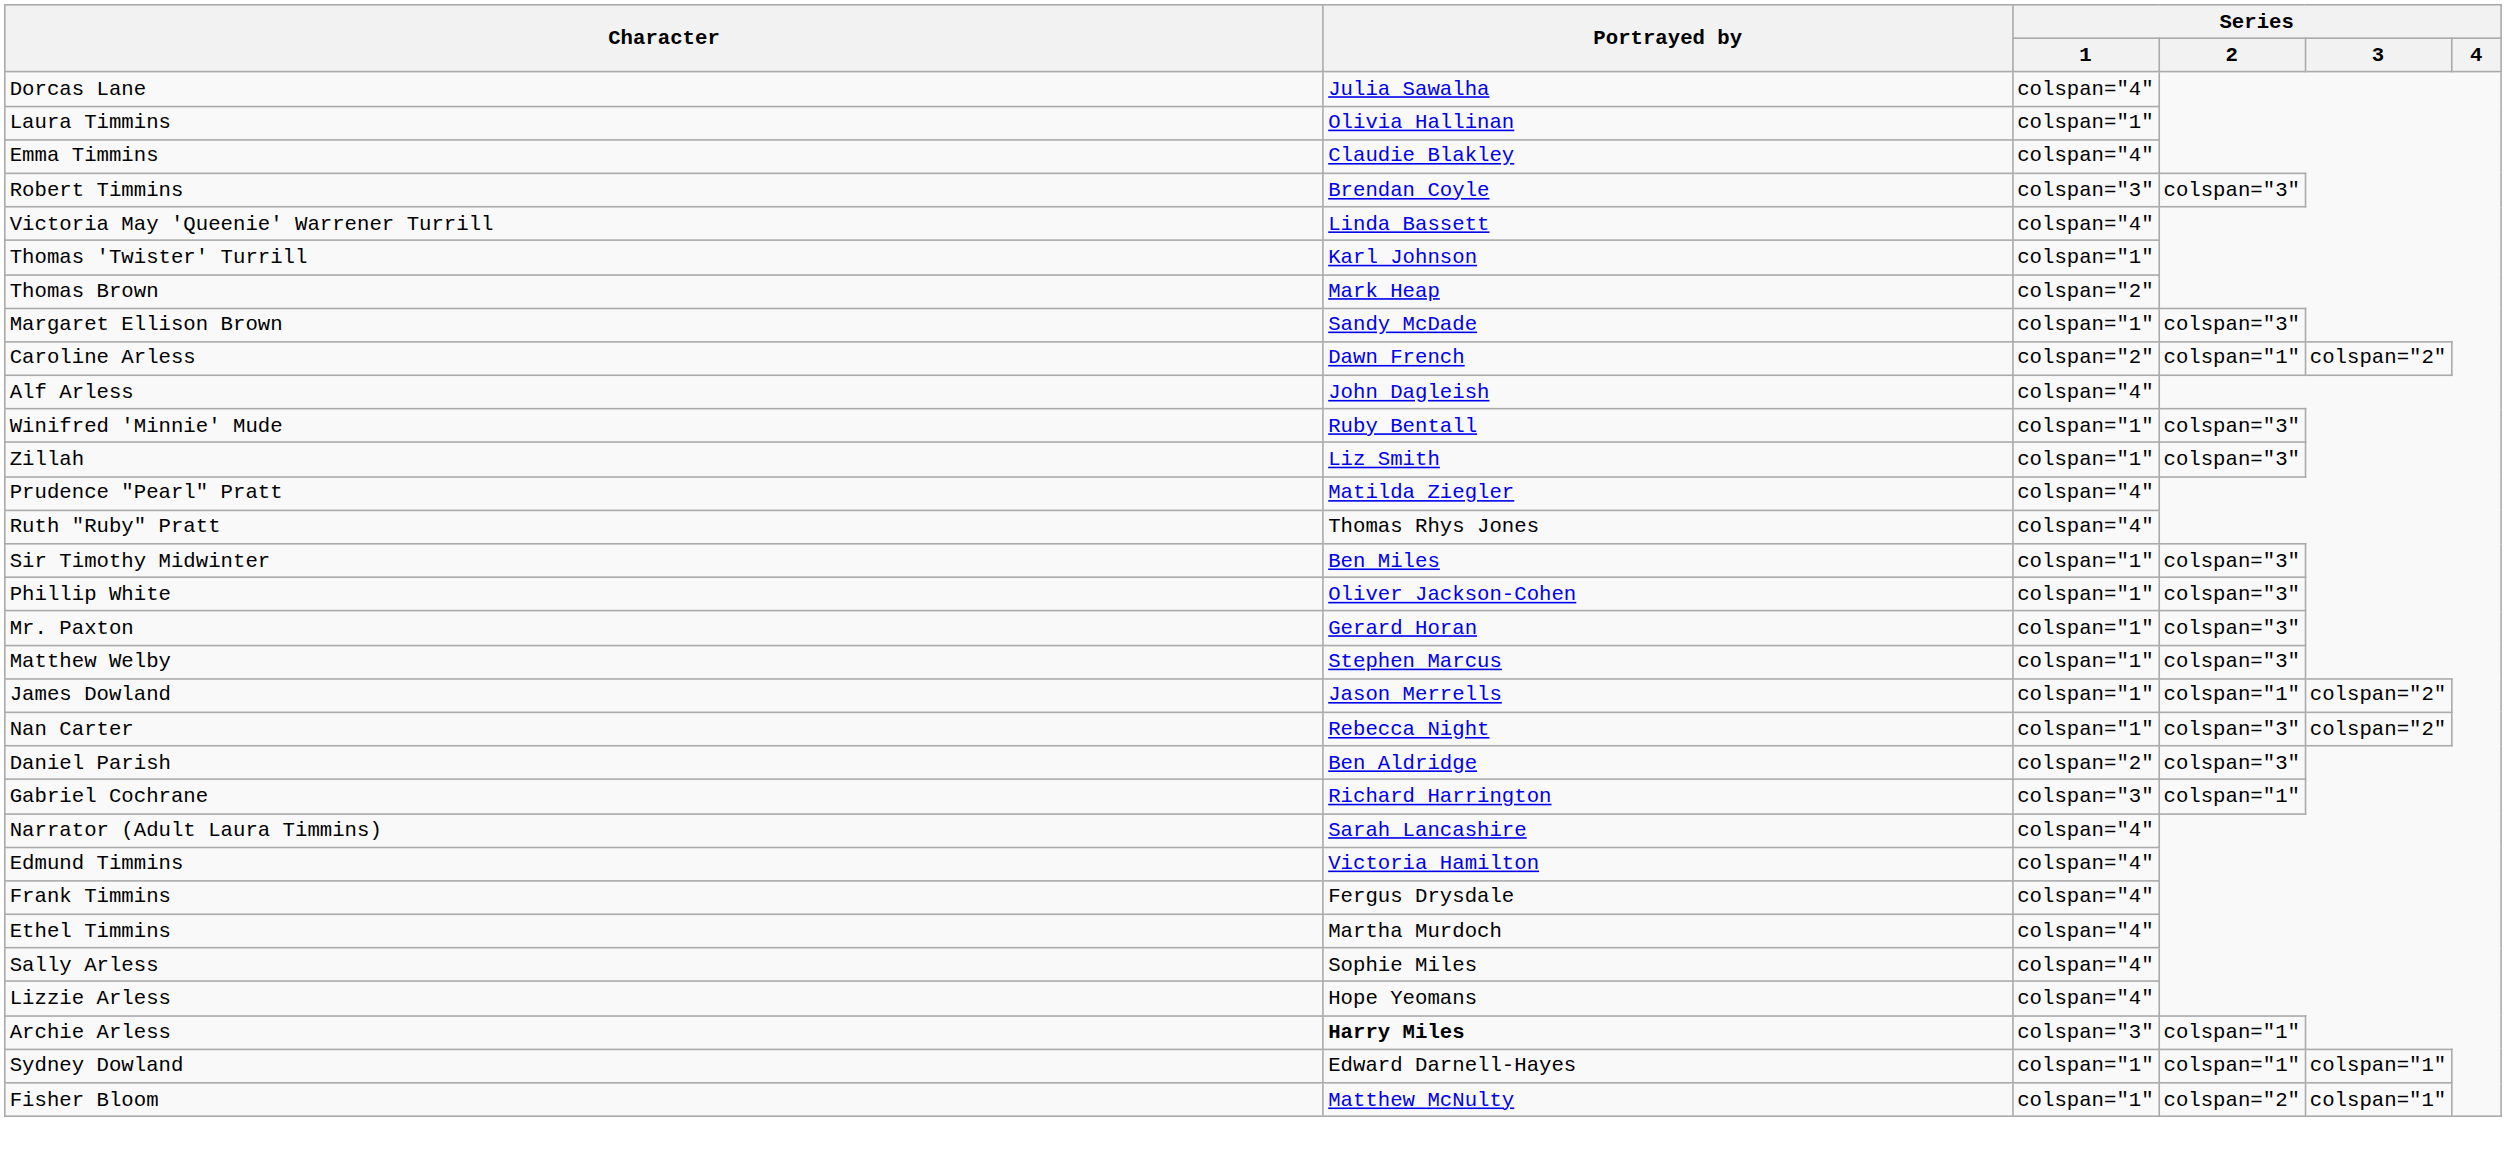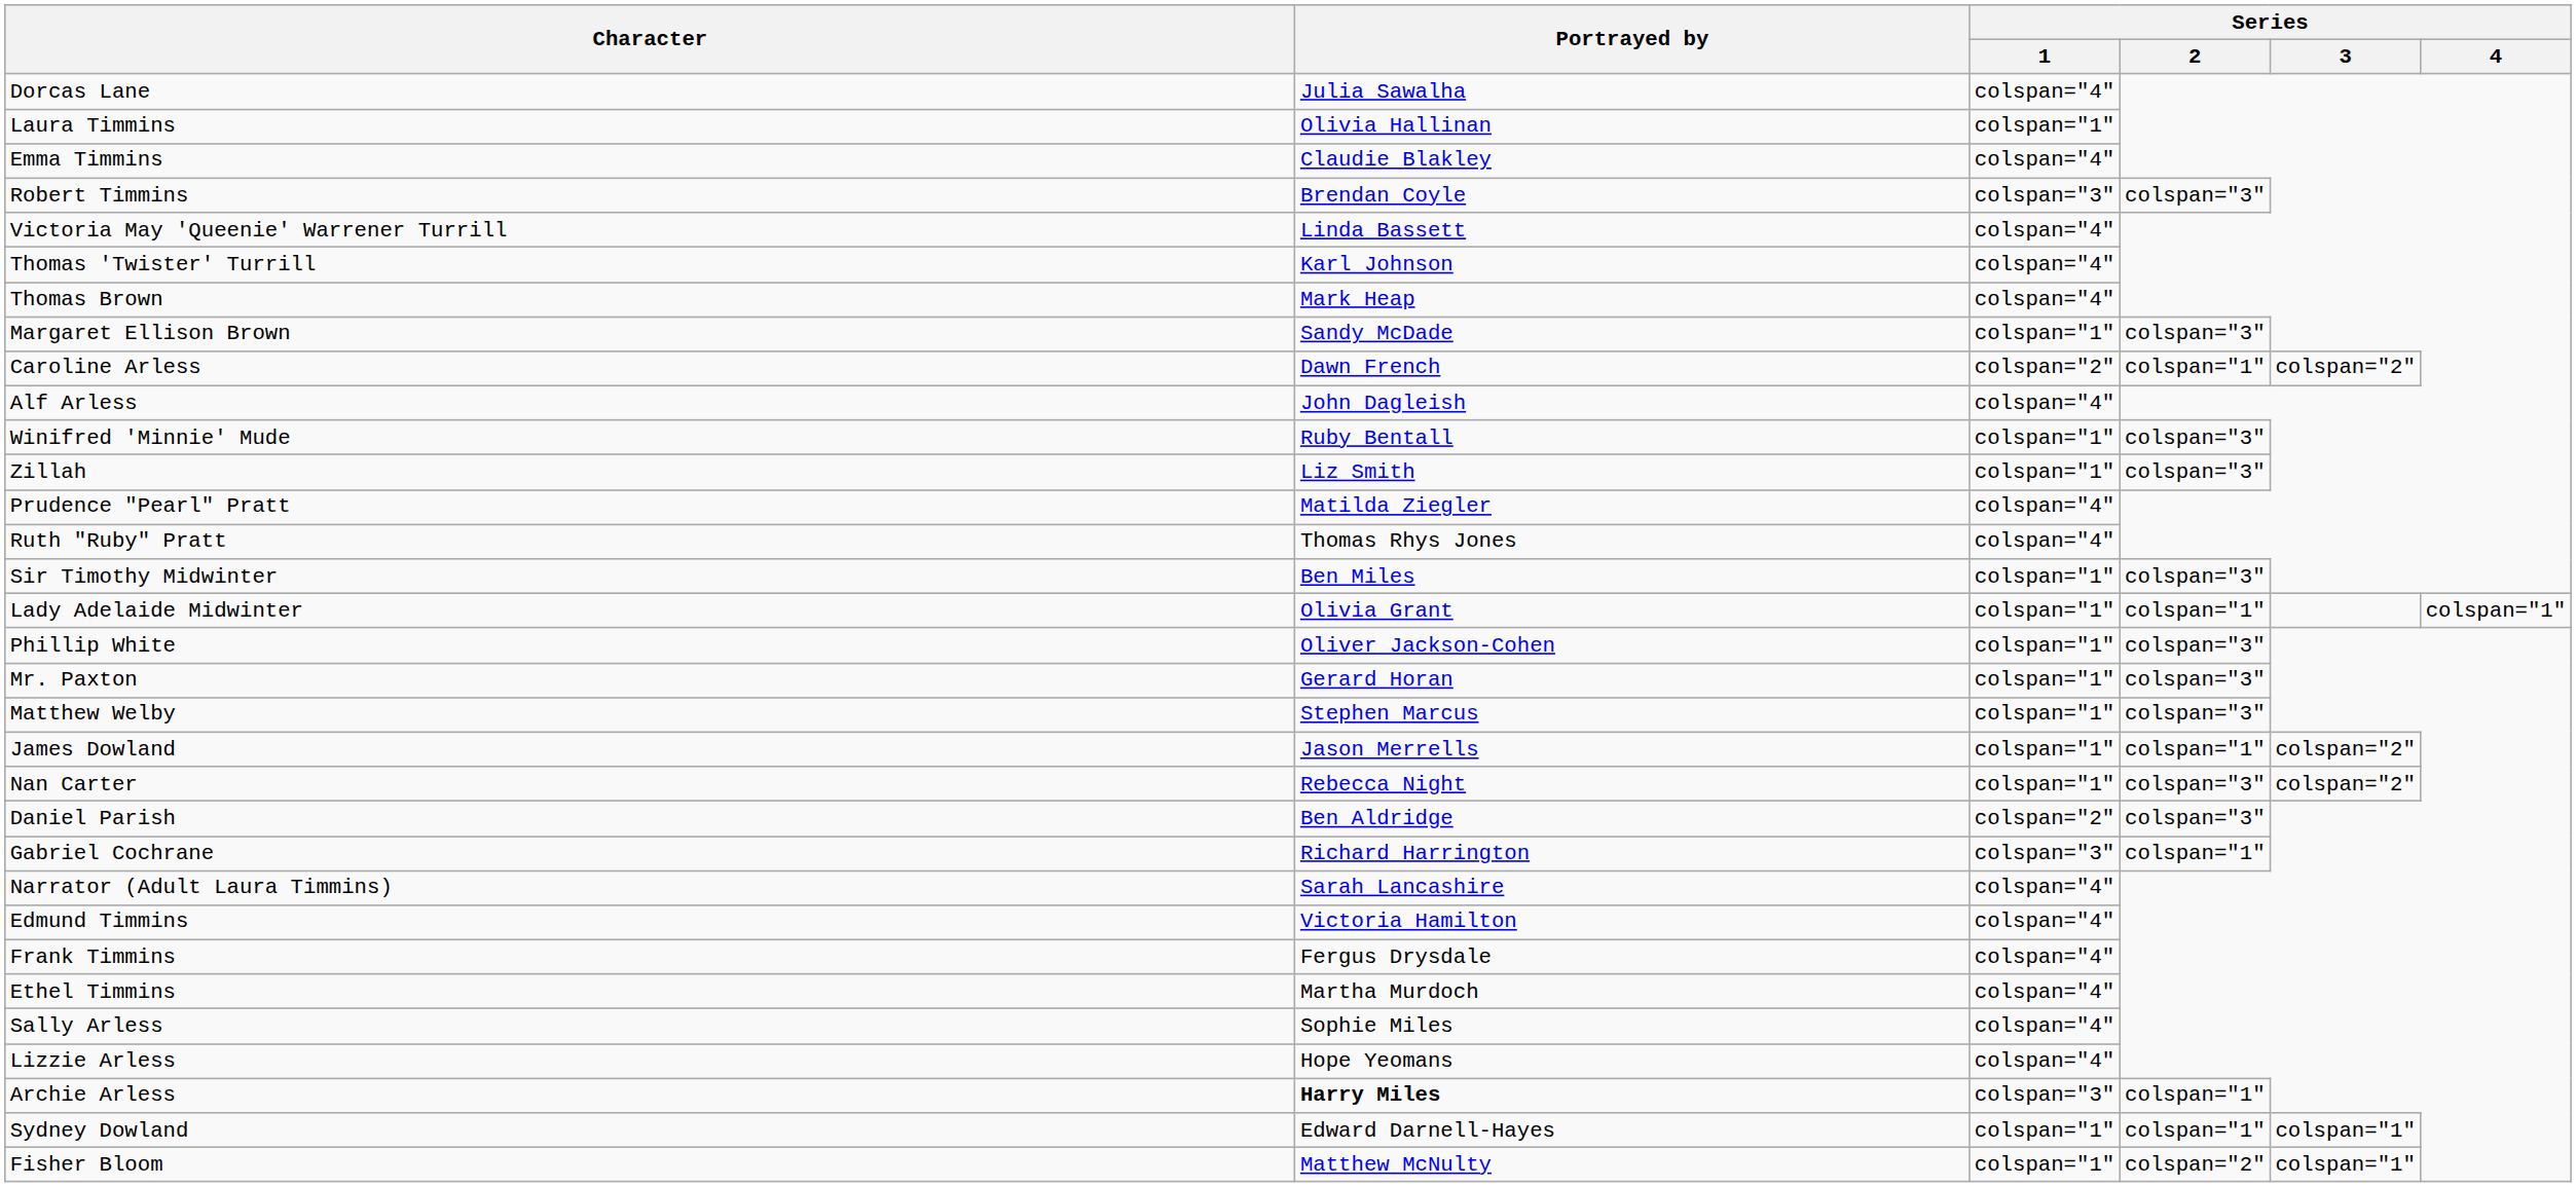 <table class="wikitable">
 <tr>
 <th rowspan="2">Character</th>
 <th rowspan="2">Portrayed by</th>
 <th colspan="4">Series</th>
 </tr>
 <tr>
 <th width="2%">1</th>
 <th width="2%">2</th>
 <th width="2%">3</th>
 <th width="2%">4</th>
 </tr>
 <tr>
 <td>Dorcas Lane</td>
 <td><a href='#'>Julia Sawalha</a></td>
 <td>colspan="4" </td>
 </tr>
 <tr>
 <td>Laura Timmins</td>
 <td><a href='#'>Olivia Hallinan</a></td>
 <td>colspan="1" </td>
 </tr>
 <tr>
 <td>Emma Timmins</td>
 <td><a href='#'>Claudie Blakley</a></td>
 <td>colspan="4" </td>
 </tr>
 <tr>
 <td>Robert Timmins</td>
 <td><a href='#'>Brendan Coyle</a></td>
 <td>colspan="3" </td>
 <td>colspan="3" </td>
 </tr>
 <tr>
 <td>Victoria May 'Queenie' Warrener Turrill</td>
 <td><a href='#'>Linda Bassett</a></td>
 <td>colspan="4" </td>
 </tr>
 <tr>
 <td>Thomas 'Twister' Turrill</td>
 <td><a href='#'>Karl Johnson</a></td>
-<td>colspan="1" </td>
+<td>colspan="4" </td>
 </tr>
 <tr>
 <td>Thomas Brown</td>
 <td><a href='#'>Mark Heap</a></td>
-<td>colspan="2" </td>
+<td>colspan="4" </td>
 </tr>
 <tr>
 <td>Margaret Ellison Brown</td>
 <td><a href='#'>Sandy McDade</a></td>
 <td>colspan="1" </td>
 <td>colspan="3" </td>
 </tr>
 <tr>
 <td>Caroline Arless</td>
 <td><a href='#'>Dawn French</a></td>
 <td>colspan="2" </td>
 <td>colspan="1" </td>
 <td>colspan="2" </td>
 </tr>
 <tr>
 <td>Alf Arless</td>
 <td><a href='#'>John Dagleish</a></td>
 <td>colspan="4" </td>
 </tr>
 <tr>
 <td>Winifred 'Minnie' Mude</td>
 <td><a href='#'>Ruby Bentall</a></td>
 <td>colspan="1" </td>
 <td>colspan="3" </td>
 </tr>
 <tr>
 <td>Zillah</td>
 <td><a href='#'>Liz Smith</a></td>
 <td>colspan="1" </td>
 <td>colspan="3" </td>
 </tr>
 <tr>
 <td>Prudence "Pearl" Pratt</td>
 <td><a href='#'>Matilda Ziegler</a></td>
 <td>colspan="4" </td>
 </tr>
 <tr>
 <td>Ruth "Ruby" Pratt</td>
 <td>Thomas Rhys Jones</td>
 <td>colspan="4" </td>
 </tr>
 <tr>
 <td>Sir Timothy Midwinter</td>
 <td><a href='#'>Ben Miles</a></td>
 <td>colspan="1" </td>
 <td>colspan="3" </td>
+</tr>
+<tr>
+<td>Lady Adelaide Midwinter</td>
+<td><a href='#'>Olivia Grant</a></td>
+<td>colspan="1" </td>
+<td>colspan="1" </td>
+<td></td>
+<td>colspan="1" </td>
 </tr>
 <tr>
 <td>Phillip White</td>
 <td><a href='#'>Oliver Jackson-Cohen</a></td>
 <td>colspan="1" </td>
 <td>colspan="3" </td>
 </tr>
 <tr>
 <td>Mr. Paxton</td>
 <td><a href='#'>Gerard Horan</a></td>
 <td>colspan="1" </td>
 <td>colspan="3" </td>
 </tr>
 <tr>
 <td>Matthew Welby</td>
 <td><a href='#'>Stephen Marcus</a></td>
 <td>colspan="1" </td>
 <td>colspan="3" </td>
 </tr>
 <tr>
 <td>James Dowland</td>
 <td><a href='#'>Jason Merrells</a></td>
 <td>colspan="1" </td>
 <td>colspan="1" </td>
 <td>colspan="2" </td>
 </tr>
 <tr>
 <td>Nan Carter</td>
 <td><a href='#'>Rebecca Night</a></td>
 <td>colspan="1" </td>
 <td>colspan="3" </td>
 <td>colspan="2" </td>
 </tr>
 <tr>
 <td>Daniel Parish</td>
 <td><a href='#'>Ben Aldridge</a></td>
 <td>colspan="2" </td>
 <td>colspan="3" </td>
 </tr>
 <tr>
 <td>Gabriel Cochrane</td>
 <td><a href='#'>Richard Harrington</a></td>
 <td>colspan="3" </td>
 <td>colspan="1" </td>
 </tr>
 <tr>
 <td>Narrator (Adult Laura Timmins)</td>
 <td><a href='#'>Sarah Lancashire</a></td>
 <td>colspan="4" </td>
 </tr>
 <tr>
 <td>Edmund Timmins</td>
 <td><a href='#'>Victoria Hamilton</a></td>
 <td>colspan="4" </td>
 </tr>
 <tr>
 <td>Frank Timmins</td>
 <td>Fergus Drysdale</td>
 <td>colspan="4" </td>
 </tr>
 <tr>
 <td>Ethel Timmins</td>
 <td>Martha Murdoch</td>
 <td>colspan="4" </td>
 </tr>
 <tr>
 <td>Sally Arless</td>
 <td>Sophie Miles</td>
 <td>colspan="4" </td>
 </tr>
 <tr>
 <td>Lizzie Arless</td>
 <td>Hope Yeomans</td>
 <td>colspan="4" </td>
 </tr>
 <tr>
 <td>Archie Arless</td>
 <td><strong>Harry Miles</strong></td>
 <td>colspan="3" </td>
 <td>colspan="1" </td>
 </tr>
 <tr>
 <td>Sydney Dowland</td>
 <td>Edward Darnell-Hayes</td>
 <td>colspan="1" </td>
 <td>colspan="1" </td>
 <td>colspan="1" </td>
 </tr>
 <tr>
 <td>Fisher Bloom</td>
 <td><a href='#'>Matthew McNulty</a></td>
 <td>colspan="1" </td>
 <td>colspan="2" </td>
 <td>colspan="1" </td>
 </tr>
 </table>
